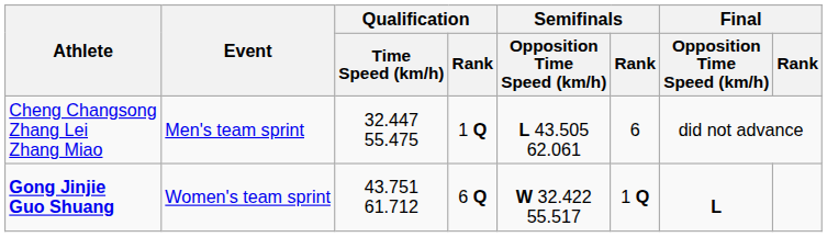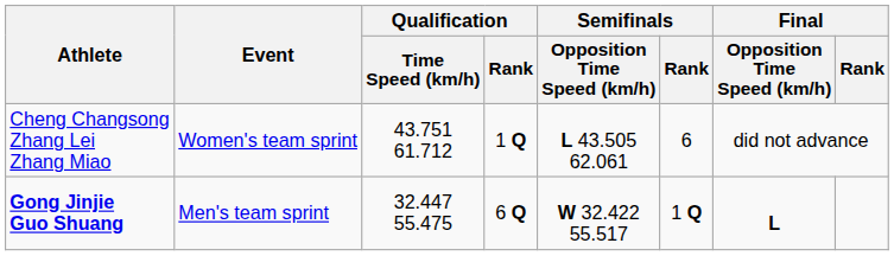 <table class="wikitable" style="font-size:90%">
 <tr>
 <th rowspan="2">Athlete</th>
 <th rowspan="2">Event</th>
 <th colspan=2>Qualification</th>
 <th colspan=2>Semifinals</th>
 <th colspan=2>Final</th>
 </tr>
 <tr style="font-size:95%">
 <th>Time<br>Speed (km/h)</th>
 <th>Rank</th>
 <th>Opposition<br>Time<br>Speed (km/h)</th>
 <th>Rank</th>
 <th>Opposition<br>Time<br>Speed (km/h)</th>
 <th>Rank</th>
 </tr>
 <tr align=center>
 <td align=left><a href='#'>Cheng Changsong</a><br><a href='#'>Zhang Lei</a><br><a href='#'>Zhang Miao</a></td>
-<td align=left><a href='#'>Men's team sprint</a></td>
-<td>32.447 <br>55.475</td>
+<td align=left><a href='#'>Women's team sprint</a></td>
+<td>43.751<br>61.712</td>
 <td>1 <strong>Q</strong></td>
 <td><br><strong>L</strong> 43.505<br>62.061</td>
 <td>6</td>
 <td colspan=2>did not advance</td>
 </tr>
 <tr align=center>
 <td align=left><strong><a href='#'>Gong Jinjie</a><br><a href='#'>Guo Shuang</a></strong></td>
-<td align=left><a href='#'>Women's team sprint</a></td>
-<td>43.751<br>61.712</td>
+<td align=left><a href='#'>Men's team sprint</a></td>
+<td>32.447 <br>55.475</td>
 <td>6 <strong>Q</strong></td>
 <td><br><strong>W</strong> 32.422 <br>55.517</td>
 <td>1 <strong>Q</strong></td>
 <td><br><strong>L</strong> </td>
 <td></td>
 </tr>
 </table>
